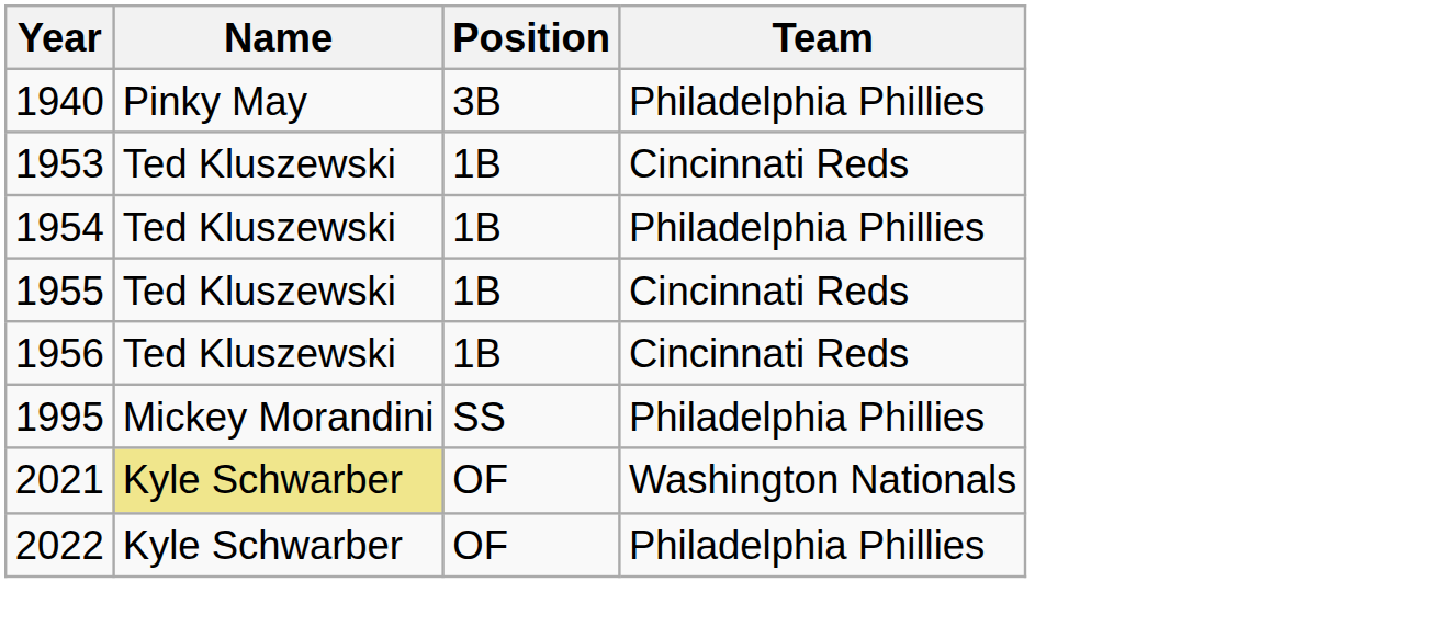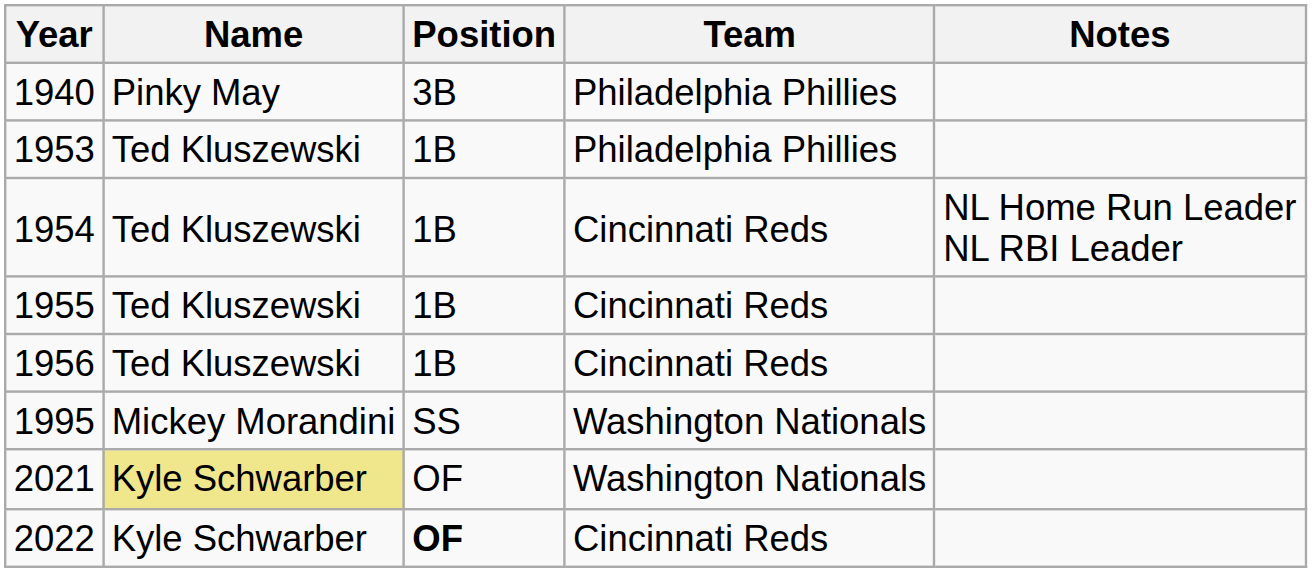 <table class="wikitable sortable" style="font-size: 95%;">
 <tr>
 <th>Year</th>
 <th>Name</th>
 <th>Position</th>
 <th>Team</th>
+<th>Notes</th>
 </tr>
 <tr>
 <td>1940</td>
 <td>Pinky May</td>
 <td>3B</td>
 <td>Philadelphia Phillies</td>
+<td></td>
 </tr>
 <tr style="text-align:left;">
 <td>1953</td>
 <td>Ted Kluszewski</td>
 <td>1B</td>
-<td>Cincinnati Reds</td>
+<td>Philadelphia Phillies</td>
+<td></td>
 </tr>
 <tr>
 <td>1954</td>
 <td>Ted Kluszewski</td>
 <td>1B</td>
-<td>Philadelphia Phillies</td>
+<td>Cincinnati Reds</td>
+<td>NL Home Run Leader<br>NL RBI Leader</td>
 </tr>
 <tr>
 <td>1955</td>
 <td>Ted Kluszewski</td>
 <td>1B</td>
 <td>Cincinnati Reds</td>
+<td></td>
 </tr>
 <tr>
 <td>1956</td>
 <td>Ted Kluszewski</td>
 <td>1B</td>
 <td>Cincinnati Reds</td>
+<td></td>
 </tr>
 <tr>
 <td>1995</td>
 <td>Mickey Morandini</td>
 <td>SS</td>
-<td>Philadelphia Phillies</td>
+<td>Washington Nationals</td>
+<td></td>
 </tr>
 <tr>
 <td>2021</td>
 <td style="background: khaki;">Kyle Schwarber</td>
 <td>OF</td>
 <td>Washington Nationals</td>
+<td></td>
 </tr>
 <tr>
 <td>2022</td>
 <td>Kyle Schwarber</td>
-<td>OF</td>
-<td>Philadelphia Phillies</td>
+<td><strong>OF</strong></td>
+<td>Cincinnati Reds</td>
+<td></td>
 </tr>
 </table>
